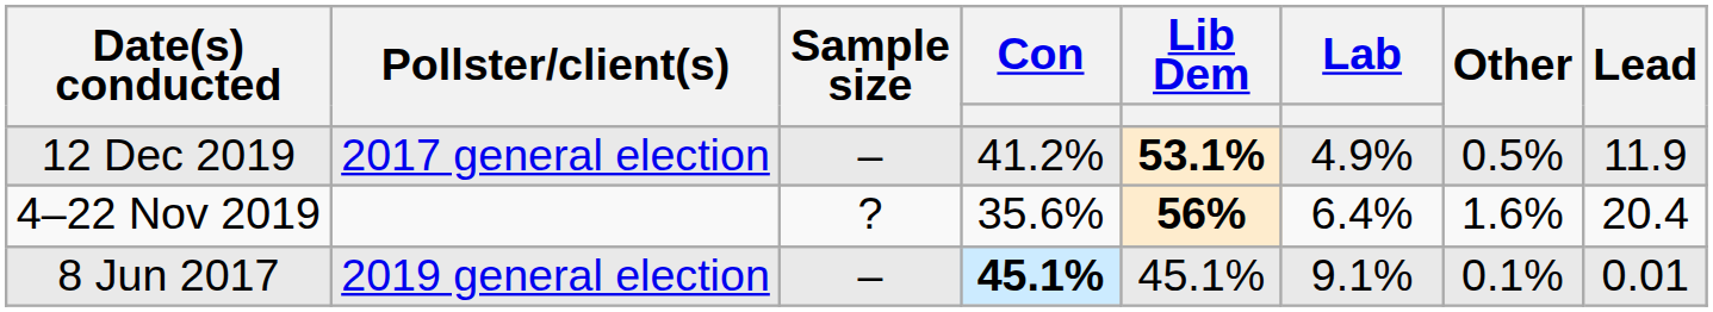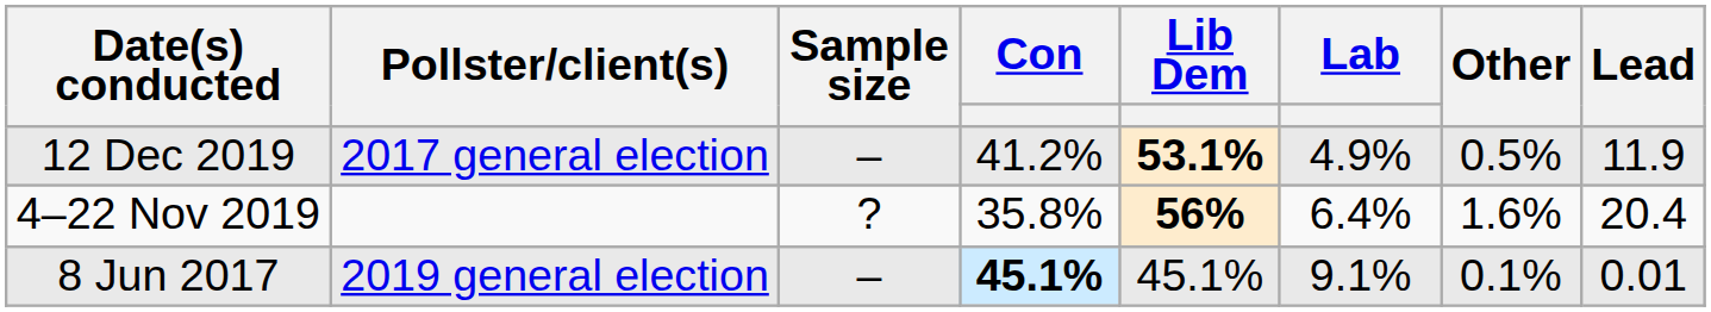 <table class="wikitable sortable mw-datatable" style="text-align:center;line-height:14px;">
 <tr>
 <th rowspan="2">Date(s)<br>conducted</th>
 <th rowspan="2">Pollster/client(s)</th>
 <th rowspan="2" data-sort-type="number">Sample<br>size</th>
 <th class="unsortable" style="width:50px;"><a href='#'>Con</a></th>
 <th class="unsortable" style="width:50px;"><a href='#'>Lib Dem</a></th>
 <th class="unsortable" style="width:50px;"><a href='#'>Lab</a></th>
 <th rowspan="2" class="unsortable">Other</th>
 <th rowspan="2" data-sort-type="number">Lead</th>
 </tr>
 <tr>
 <th data-sort-type="number" style="background:"></th>
 <th data-sort-type="number" style="background:"></th>
 <th data-sort-type="number" style="background:"></th>
 </tr>
 <tr style="background:#E9E9E9;">
 <td data-sort-value="2017-06-08">12 Dec 2019</td>
 <td><a href='#'>2017 general election</a></td>
 <td>–</td>
 <td>41.2%</td>
 <td style="background:#FEECCD;"><strong>53.1%</strong></td>
 <td>4.9%</td>
 <td>0.5%</td>
 <td style="background:">11.9</td>
 </tr>
 <tr>
 <td data-sort-value="2019-10-2">4–22 Nov 2019</td>
 <td></td>
 <td>?</td>
-<td>35.6%</td>
+<td>35.8%</td>
 <td style="background:#FEECCD;"><strong>56%</strong></td>
 <td>6.4%</td>
 <td>1.6%</td>
 <td style="background:">20.4</td>
 </tr>
 <tr style="background:#E9E9E9;">
 <td data-sort-value="2017-06-08">8 Jun 2017</td>
 <td><a href='#'>2019 general election</a></td>
 <td>–</td>
 <td style="background:#CCEBFF;"><strong>45.1%</strong></td>
 <td>45.1%</td>
 <td>9.1%</td>
 <td>0.1%</td>
 <td style="background:">0.01</td>
 </tr>
 </table>
